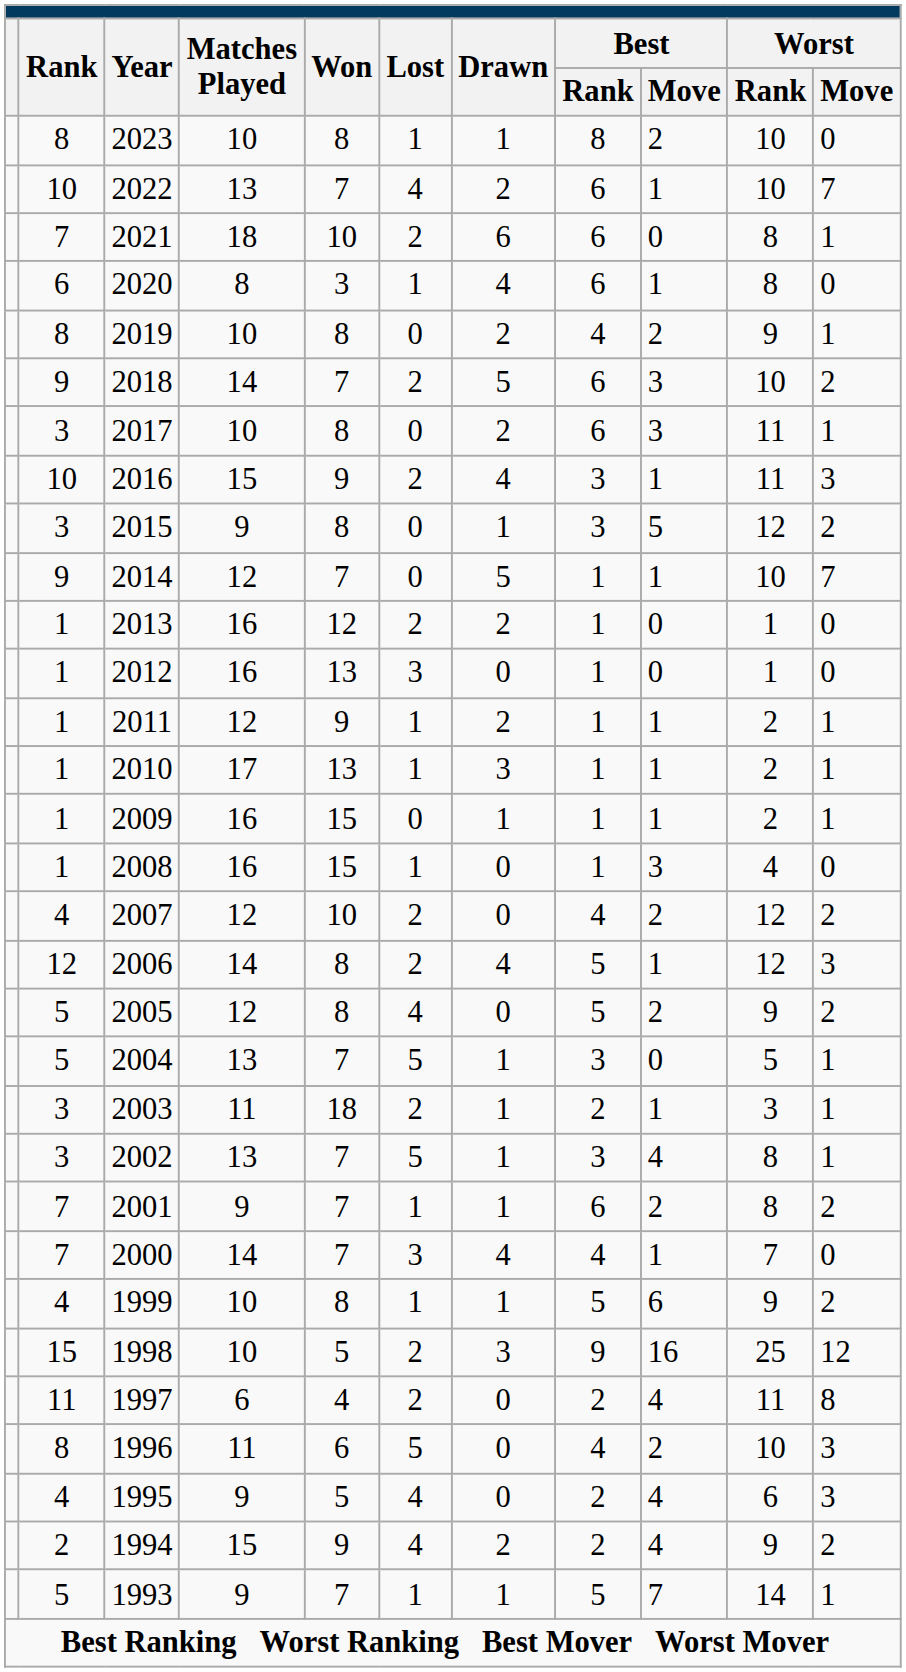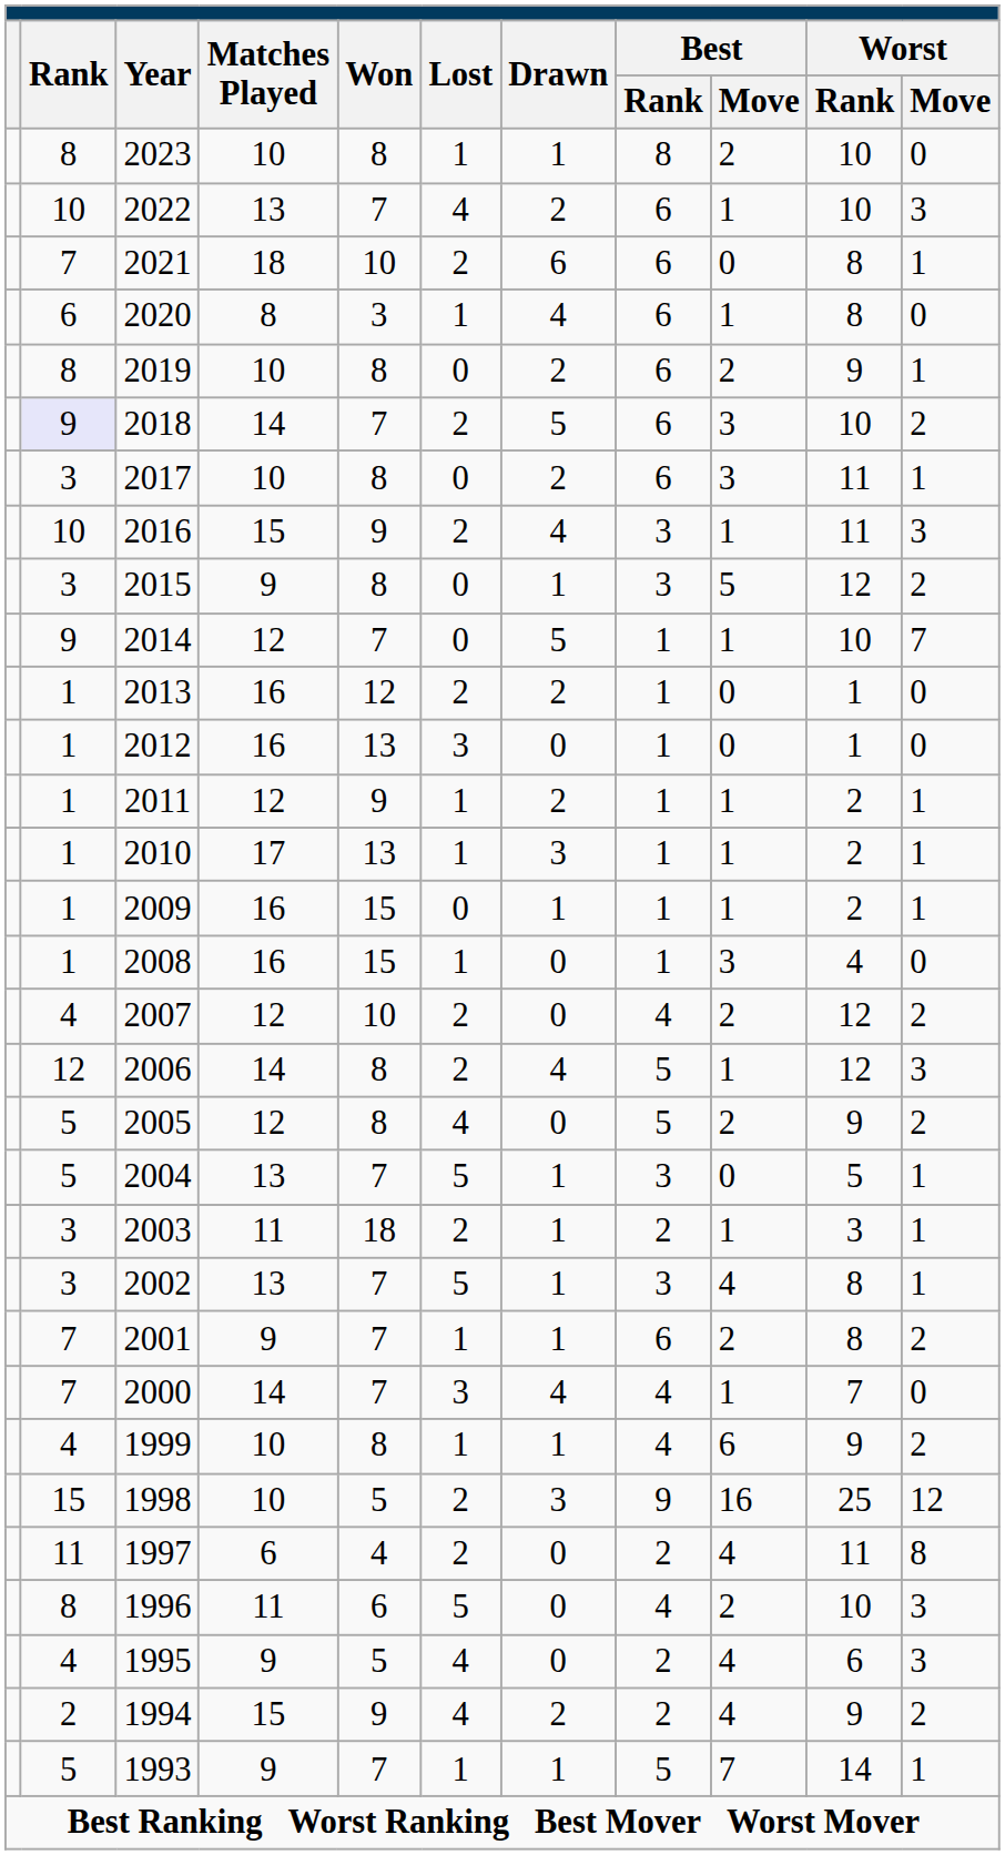 <table class="wikitable sortable collapsible collapsed" style="text-align: center; font-size: 100%;">
 <tr>
 <th colspan=12 style="background: #013A5E; color: #FFFFFF;"><a href='#'></a></th>
 </tr>
 <tr>
 <th rowspan=2></th>
 <th rowspan=2>Rank</th>
 <th rowspan=2>Year</th>
 <th rowspan=2>Matches<br>Played</th>
 <th rowspan=2>Won</th>
 <th rowspan=2>Lost</th>
 <th rowspan=2>Drawn</th>
 <th colspan=2>Best</th>
 <th colspan=2>Worst</th>
 </tr>
 <tr>
 <th>Rank</th>
 <th>Move</th>
 <th>Rank</th>
 <th>Move</th>
 </tr>
 <tr>
 <td></td>
 <td>8</td>
 <td>2023</td>
 <td>10</td>
 <td>8</td>
 <td>1</td>
 <td>1</td>
 <td>8</td>
 <td align=left>  2</td>
 <td>10</td>
 <td align=left> 0</td>
 </tr>
 <tr>
 <td></td>
 <td>10</td>
 <td>2022</td>
 <td>13</td>
 <td>7</td>
 <td>4</td>
 <td>2</td>
 <td>6</td>
 <td align=left>  1</td>
 <td>10</td>
-<td align=left> 7</td>
+<td align=left> 3</td>
 </tr>
 <tr>
 <td></td>
 <td>7</td>
 <td>2021</td>
 <td>18</td>
 <td>10</td>
 <td>2</td>
 <td>6</td>
 <td>6</td>
 <td align=left>  0</td>
 <td>8</td>
 <td align=left> 1</td>
 </tr>
 <tr>
 <td></td>
 <td>6</td>
 <td>2020</td>
 <td>8</td>
 <td>3</td>
 <td>1</td>
 <td>4</td>
 <td>6</td>
 <td align=left>  1</td>
 <td>8</td>
 <td align=left> 0</td>
 </tr>
 <tr>
 <td></td>
 <td>8</td>
 <td>2019</td>
 <td>10</td>
 <td>8</td>
 <td>0</td>
 <td>2</td>
-<td>4</td>
+<td>6</td>
 <td align=left>  2</td>
 <td>9</td>
 <td align=left> 1</td>
 </tr>
 <tr>
 <td></td>
-<td>9</td>
+<td style="background: lavender;">9</td>
 <td>2018</td>
 <td>14</td>
 <td>7</td>
 <td>2</td>
 <td>5</td>
 <td>6</td>
 <td align=left>  3</td>
 <td>10</td>
 <td align=left> 2</td>
 </tr>
 <tr>
 <td></td>
 <td>3</td>
 <td>2017</td>
 <td>10</td>
 <td>8</td>
 <td>0</td>
 <td>2</td>
 <td>6</td>
 <td align=left>  3</td>
 <td>11</td>
 <td align=left> 1</td>
 </tr>
 <tr>
 <td></td>
 <td>10</td>
 <td>2016</td>
 <td>15</td>
 <td>9</td>
 <td>2</td>
 <td>4</td>
 <td>3</td>
 <td align=left>  1</td>
 <td>11</td>
 <td align=left> 3</td>
 </tr>
 <tr>
 <td></td>
 <td>3</td>
 <td>2015</td>
 <td>9</td>
 <td>8</td>
 <td>0</td>
 <td>1</td>
 <td>3</td>
 <td align=left>  5</td>
 <td>12</td>
 <td align=left> 2</td>
 </tr>
 <tr>
 <td></td>
 <td>9</td>
 <td>2014</td>
 <td>12</td>
 <td>7</td>
 <td>0</td>
 <td>5</td>
 <td>1</td>
 <td align=left>  1</td>
 <td>10</td>
 <td align=left> 7</td>
 </tr>
 <tr>
 <td></td>
 <td>1</td>
 <td>2013</td>
 <td>16</td>
 <td>12</td>
 <td>2</td>
 <td>2</td>
 <td>1</td>
 <td align=left>  0</td>
 <td>1</td>
 <td align=left> 0</td>
 </tr>
 <tr>
 <td></td>
 <td>1</td>
 <td>2012</td>
 <td>16</td>
 <td>13</td>
 <td>3</td>
 <td>0</td>
 <td>1</td>
 <td align=left>  0</td>
 <td>1</td>
 <td align=left> 0</td>
 </tr>
 <tr>
 <td></td>
 <td>1</td>
 <td>2011</td>
 <td>12</td>
 <td>9</td>
 <td>1</td>
 <td>2</td>
 <td>1</td>
 <td align=left>  1</td>
 <td>2</td>
 <td align=left> 1</td>
 </tr>
 <tr>
 <td></td>
 <td>1</td>
 <td>2010</td>
 <td>17</td>
 <td>13</td>
 <td>1</td>
 <td>3</td>
 <td>1</td>
 <td align=left>  1</td>
 <td>2</td>
 <td align=left> 1</td>
 </tr>
 <tr>
 <td></td>
 <td>1</td>
 <td>2009</td>
 <td>16</td>
 <td>15</td>
 <td>0</td>
 <td>1</td>
 <td>1</td>
 <td align=left>  1</td>
 <td>2</td>
 <td align=left> 1</td>
 </tr>
 <tr>
 <td></td>
 <td>1</td>
 <td>2008</td>
 <td>16</td>
 <td>15</td>
 <td>1</td>
 <td>0</td>
 <td>1</td>
 <td align=left>  3</td>
 <td>4</td>
 <td align=left> 0</td>
 </tr>
 <tr>
 <td></td>
 <td>4</td>
 <td>2007</td>
 <td>12</td>
 <td>10</td>
 <td>2</td>
 <td>0</td>
 <td>4</td>
 <td align=left>  2</td>
 <td>12</td>
 <td align=left> 2</td>
 </tr>
 <tr>
 <td></td>
 <td>12</td>
 <td>2006</td>
 <td>14</td>
 <td>8</td>
 <td>2</td>
 <td>4</td>
 <td>5</td>
 <td align=left>  1</td>
 <td>12</td>
 <td align=left> 3</td>
 </tr>
 <tr>
 <td></td>
 <td>5</td>
 <td>2005</td>
 <td>12</td>
 <td>8</td>
 <td>4</td>
 <td>0</td>
 <td>5</td>
 <td align=left>  2</td>
 <td>9</td>
 <td align=left> 2</td>
 </tr>
 <tr>
 <td></td>
 <td>5</td>
 <td>2004</td>
 <td>13</td>
 <td>7</td>
 <td>5</td>
 <td>1</td>
 <td>3</td>
 <td align=left>  0</td>
 <td>5</td>
 <td align=left> 1</td>
 </tr>
 <tr>
 <td></td>
 <td>3</td>
 <td>2003</td>
 <td>11</td>
 <td>18</td>
 <td>2</td>
 <td>1</td>
 <td>2</td>
 <td align=left>  1</td>
 <td>3</td>
 <td align=left> 1</td>
 </tr>
 <tr>
 <td></td>
 <td>3</td>
 <td>2002</td>
 <td>13</td>
 <td>7</td>
 <td>5</td>
 <td>1</td>
 <td>3</td>
 <td align=left>  4</td>
 <td>8</td>
 <td align=left> 1</td>
 </tr>
 <tr>
 <td></td>
 <td>7</td>
 <td>2001</td>
 <td>9</td>
 <td>7</td>
 <td>1</td>
 <td>1</td>
 <td>6</td>
 <td align=left>  2</td>
 <td>8</td>
 <td align=left> 2</td>
 </tr>
 <tr>
 <td></td>
 <td>7</td>
 <td>2000</td>
 <td>14</td>
 <td>7</td>
 <td>3</td>
 <td>4</td>
 <td>4</td>
 <td align=left>  1</td>
 <td>7</td>
 <td align=left> 0</td>
 </tr>
 <tr>
 <td></td>
 <td>4</td>
 <td>1999</td>
 <td>10</td>
 <td>8</td>
 <td>1</td>
 <td>1</td>
-<td>5</td>
+<td>4</td>
 <td align=left>  6</td>
 <td>9</td>
 <td align=left> 2</td>
 </tr>
 <tr>
 <td></td>
 <td>15</td>
 <td>1998</td>
 <td>10</td>
 <td>5</td>
 <td>2</td>
 <td>3</td>
 <td>9</td>
 <td align=left>  16</td>
 <td>25</td>
 <td align=left> 12</td>
 </tr>
 <tr>
 <td></td>
 <td>11</td>
 <td>1997</td>
 <td>6</td>
 <td>4</td>
 <td>2</td>
 <td>0</td>
 <td>2</td>
 <td align=left>  4</td>
 <td>11</td>
 <td align=left> 8</td>
 </tr>
 <tr>
 <td></td>
 <td>8</td>
 <td>1996</td>
 <td>11</td>
 <td>6</td>
 <td>5</td>
 <td>0</td>
 <td>4</td>
 <td align=left>  2</td>
 <td>10</td>
 <td align=left> 3</td>
 </tr>
 <tr>
 <td></td>
 <td>4</td>
 <td>1995</td>
 <td>9</td>
 <td>5</td>
 <td>4</td>
 <td>0</td>
 <td>2</td>
 <td align=left>  4</td>
 <td>6</td>
 <td align=left> 3</td>
 </tr>
 <tr>
 <td></td>
 <td>2</td>
 <td>1994</td>
 <td>15</td>
 <td>9</td>
 <td>4</td>
 <td>2</td>
 <td>2</td>
 <td align=left>  4</td>
 <td>9</td>
 <td align=left> 2</td>
 </tr>
 <tr>
 <td></td>
 <td>5</td>
 <td>1993</td>
 <td>9</td>
 <td>7</td>
 <td>1</td>
 <td>1</td>
 <td>5</td>
 <td align=left>  7</td>
 <td>14</td>
 <td align=left> 1</td>
 </tr>
 <tr>
 <td colspan=11> <strong>Best Ranking</strong>   <strong>Worst Ranking</strong>   <strong>Best Mover</strong>   <strong>Worst Mover</strong>  </td>
 </tr>
 </table>
